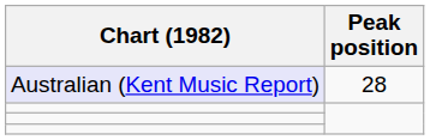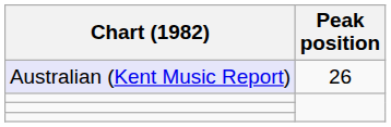 <table class="wikitable sortable">
 <tr>
 <th>Chart (1982)</th>
 <th>Peak<br>position</th>
 </tr>
 <tr>
 <td style="background: lavender;">Australian (<a href='#'>Kent Music Report</a>)</td>
-<td align="center">28</td>
+<td align="center">26</td>
 </tr>
 <tr>
 <td></td>
 </tr>
 <tr>
 <td></td>
 </tr>
 <tr>
 <td></td>
 </tr>
 </table>
